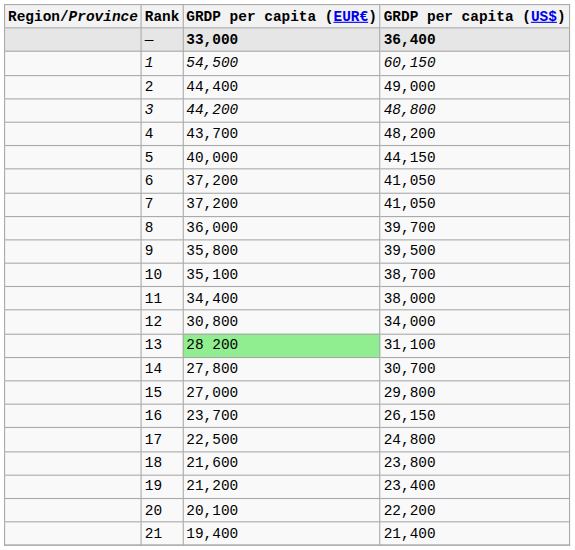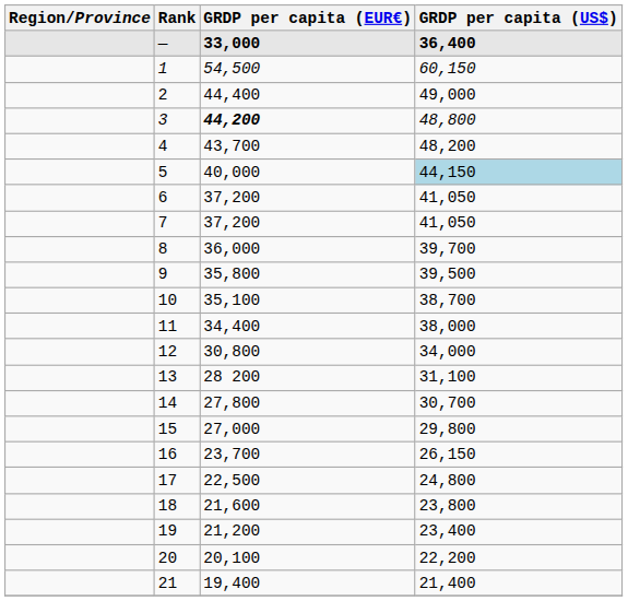 <table class="wikitable sortable">
 <tr align=center valign=middle>
 <th>Region/<em>Province</em></th>
 <th data-sort-type="number">Rank</th>
 <th data-sort-type="number">GRDP per capita (<a href='#'>EUR€</a>)</th>
 <th data-sort-type="number">GRDP per capita (<a href='#'>US$</a>)</th>
 </tr>
 <tr style="background:#e6e6e6">
 <td align=left><strong></strong></td>
 <td>—</td>
 <td><strong>33,000</strong></td>
 <td><strong>36,400</strong></td>
 </tr>
 <tr>
 <td align=left></td>
 <td><em>1</em></td>
 <td><em>54,500</em></td>
 <td><em>60,150</em></td>
 </tr>
 <tr>
 <td align=left></td>
 <td>2</td>
 <td>44,400</td>
 <td>49,000</td>
 </tr>
 <tr>
 <td align=left><em></em></td>
 <td><em>3</em></td>
-<td><em>44,200</em></td>
+<td><strong><em>44,200</em></strong></td>
 <td><em>48,800</em></td>
 </tr>
 <tr>
 <td align=left></td>
 <td>4</td>
 <td>43,700</td>
 <td>48,200</td>
 </tr>
 <tr>
 <td align=left></td>
 <td>5</td>
 <td>40,000</td>
-<td>44,150</td>
+<td style="background: lightblue;">44,150</td>
 </tr>
 <tr>
 <td align=left></td>
 <td>6</td>
 <td>37,200</td>
 <td>41,050</td>
 </tr>
 <tr>
 <td align=left></td>
 <td>7</td>
 <td>37,200</td>
 <td>41,050</td>
 </tr>
 <tr>
 <td align=left></td>
 <td>8</td>
 <td>36,000</td>
 <td>39,700</td>
 </tr>
 <tr>
 <td align=left></td>
 <td>9</td>
 <td>35,800</td>
 <td>39,500</td>
 </tr>
 <tr>
 <td align=left></td>
 <td>10</td>
 <td>35,100</td>
 <td>38,700</td>
 </tr>
 <tr>
 <td align=left></td>
 <td>11</td>
 <td>34,400</td>
 <td>38,000</td>
 </tr>
 <tr>
 <td align=left></td>
 <td>12</td>
 <td>30,800</td>
 <td>34,000</td>
 </tr>
 <tr>
 <td align=left></td>
 <td>13</td>
-<td style="background: lightgreen;">28 200</td>
+<td>28 200</td>
 <td>31,100</td>
 </tr>
 <tr>
 <td align=left></td>
 <td>14</td>
 <td>27,800</td>
 <td>30,700</td>
 </tr>
 <tr>
 <td align=left></td>
 <td>15</td>
 <td>27,000</td>
 <td>29,800</td>
 </tr>
 <tr>
 <td align=left></td>
 <td>16</td>
 <td>23,700</td>
 <td>26,150</td>
 </tr>
 <tr>
 <td align=left></td>
 <td>17</td>
 <td>22,500</td>
 <td>24,800</td>
 </tr>
 <tr>
 <td align=left></td>
 <td>18</td>
 <td>21,600</td>
 <td>23,800</td>
 </tr>
 <tr>
 <td align=left></td>
 <td>19</td>
 <td>21,200</td>
 <td>23,400</td>
 </tr>
 <tr>
 <td align=left></td>
 <td>20</td>
 <td>20,100</td>
 <td>22,200</td>
 </tr>
 <tr>
 <td align=left></td>
 <td>21</td>
 <td>19,400</td>
 <td>21,400</td>
 </tr>
 <tr>
 </tr>
 </table>
